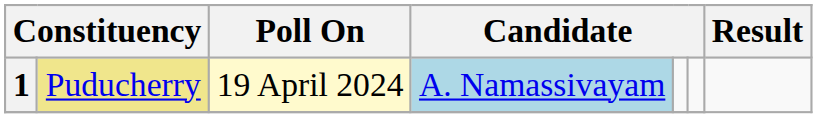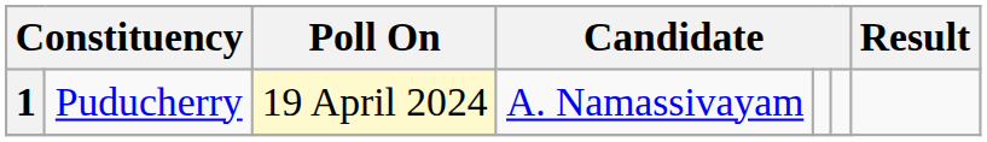 <table class="wikitable " style="text-align:center;">
 <tr>
 <th colspan="2">Constituency</th>
 <th>Poll On</th>
 <th colspan="3">Candidate</th>
 <th>Result</th>
 </tr>
 <tr>
 <th>1</th>
-<td style="background: khaki;"><a href='#'>Puducherry</a></td>
+<td><a href='#'>Puducherry</a></td>
 <td bgcolor=#FFFACD>19 April 2024</td>
-<td style="background: lightblue;"><a href='#'>A. Namassivayam</a></td>
+<td><a href='#'>A. Namassivayam</a></td>
 <td></td>
 <td></td>
 </tr>
 <tr>
 </tr>
 </table>
